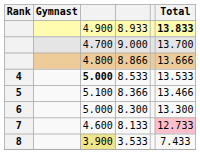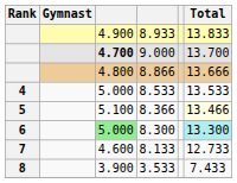 <table class="wikitable sortable" style="text-align:center; font-size:95%">
 <tr>
 <th scope=col>Rank</th>
 <th scope=col>Gymnast</th>
 <th scope=col></th>
 <th scope=col></th>
 <th scope=col></th>
 <th scope=col>Total</th>
 </tr>
 <tr bgcolor=fffcaf>
 <th scope=row></th>
 <td align=left></td>
 <td>4.900</td>
 <td>8.933</td>
 <td></td>
-<td><strong>13.833</strong></td>
+<td>13.833</td>
 </tr>
 <tr bgcolor=e5e5e5>
 <th scope=row></th>
 <td align=left></td>
-<td>4.700</td>
+<td><strong>4.700</strong></td>
 <td>9.000</td>
 <td></td>
 <td>13.700</td>
 </tr>
 <tr bgcolor=eecc99>
 <th scope=row></th>
 <td align=left></td>
 <td>4.800</td>
 <td>8.866</td>
 <td></td>
 <td>13.666</td>
 </tr>
 <tr>
 <th scope=row>4</th>
 <td align=left></td>
-<td><strong>5.000</strong></td>
+<td>5.000</td>
 <td>8.533</td>
 <td></td>
 <td>13.533</td>
 </tr>
 <tr>
 <th scope=row>5</th>
 <td align=left></td>
 <td>5.100</td>
 <td>8.366</td>
 <td></td>
-<td>13.466</td>
+<td style="background: lightyellow;">13.466</td>
 </tr>
 <tr>
 <th scope=row>6</th>
 <td align=left></td>
-<td>5.000</td>
+<td style="background: lightgreen;">5.000</td>
 <td>8.300</td>
 <td></td>
-<td>13.300</td>
+<td style="background: paleturquoise;">13.300</td>
 </tr>
 <tr>
 <th scope=row>7</th>
 <td align=left></td>
 <td>4.600</td>
 <td>8.133</td>
 <td></td>
-<td style="background: pink;">12.733</td>
+<td>12.733</td>
 </tr>
 <tr>
 <th scope=row>8</th>
 <td align=left></td>
-<td style="background: khaki;">3.900</td>
+<td>3.900</td>
 <td>3.533</td>
 <td></td>
 <td>7.433</td>
 </tr>
 <tr>
 </tr>
 </table>
